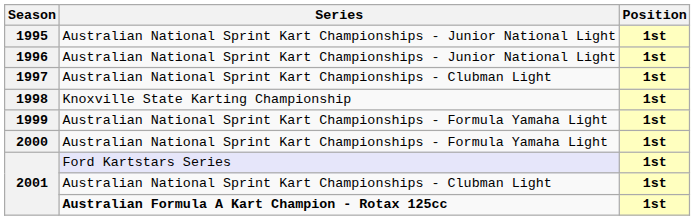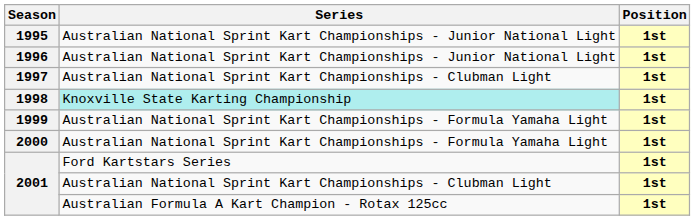 <table class="wikitable" style="font-size: 85%; text-align:left">
 <tr>
 <th>Season</th>
 <th>Series</th>
 <th>Position</th>
 </tr>
 <tr>
 <th>1995</th>
 <td>Australian National Sprint Kart Championships - Junior National Light</td>
 <td align="center" style="background: #ffffbf"><strong>1st</strong></td>
 </tr>
 <tr>
 <th>1996</th>
 <td>Australian National Sprint Kart Championships - Junior National Light</td>
 <td align="center" style="background: #ffffbf"><strong>1st</strong></td>
 </tr>
 <tr>
 <th>1997</th>
 <td>Australian National Sprint Kart Championships - Clubman Light</td>
 <td align="center" style="background: #ffffbf"><strong>1st</strong></td>
 </tr>
 <tr>
 <th>1998</th>
-<td>Knoxville State Karting Championship</td>
+<td style="background: paleturquoise;">Knoxville State Karting Championship</td>
 <td align="center" style="background: #ffffbf"><strong>1st</strong></td>
 </tr>
 <tr>
 <th>1999</th>
 <td>Australian National Sprint Kart Championships - Formula Yamaha Light</td>
 <td align="center" style="background: #ffffbf"><strong>1st</strong></td>
 </tr>
 <tr>
 <th>2000</th>
 <td>Australian National Sprint Kart Championships - Formula Yamaha Light</td>
 <td align="center" style="background: #ffffbf"><strong>1st</strong></td>
 </tr>
 <tr>
 <th rowspan=3>2001</th>
-<td style="background: lavender;">Ford Kartstars Series</td>
+<td>Ford Kartstars Series</td>
 <td align="center" style="background: #ffffbf"><strong>1st</strong></td>
 </tr>
 <tr>
 <td>Australian National Sprint Kart Championships - Clubman Light</td>
 <td align="center" style="background: #ffffbf"><strong>1st</strong></td>
 </tr>
 <tr>
-<td><strong>Australian Formula A Kart Champion - Rotax 125cc</strong></td>
+<td>Australian Formula A Kart Champion - Rotax 125cc</td>
 <td align="center" style="background: #ffffbf"><strong>1st</strong></td>
 </tr>
 </table>
